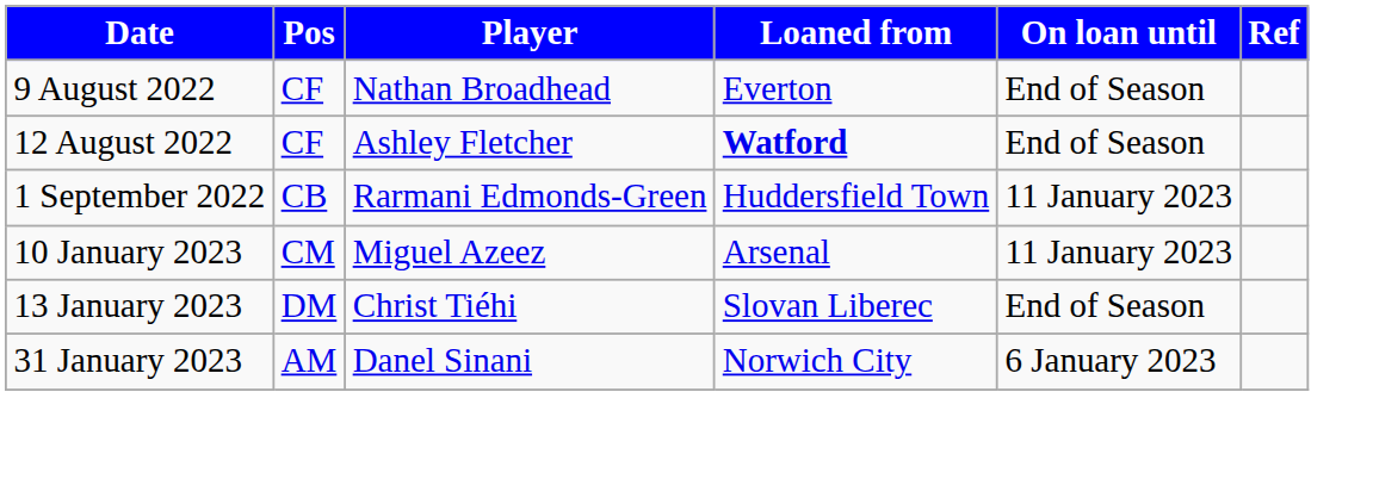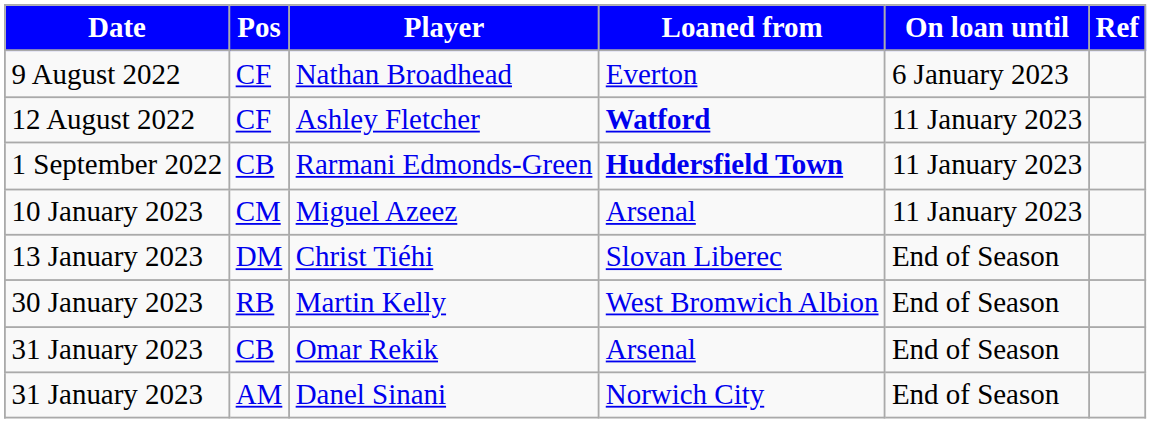 <table class="wikitable plainrowheaders sortable">
 <tr>
 <th style="background:#0000FF; color:#FFFFFF; ">Date</th>
 <th style="background:#0000FF; color:#FFFFFF; ">Pos</th>
 <th style="background:#0000FF; color:#FFFFFF; ">Player</th>
 <th style="background:#0000FF; color:#FFFFFF; ">Loaned from</th>
 <th style="background:#0000FF; color:#FFFFFF; ">On loan until</th>
 <th style="background:#0000FF; color:#FFFFFF; ">Ref</th>
 </tr>
 <tr>
 <td>9 August 2022</td>
 <td><a href='#'>CF</a></td>
 <td> <a href='#'>Nathan Broadhead</a></td>
 <td> <a href='#'>Everton</a></td>
-<td>End of Season</td>
+<td>6 January 2023</td>
 <td></td>
 </tr>
 <tr>
 <td>12 August 2022</td>
 <td><a href='#'>CF</a></td>
 <td> <a href='#'>Ashley Fletcher</a></td>
 <td><strong> <a href='#'>Watford</a></strong></td>
-<td>End of Season</td>
+<td>11 January 2023</td>
 <td></td>
 </tr>
 <tr>
 <td>1 September 2022</td>
 <td><a href='#'>CB</a></td>
 <td> <a href='#'>Rarmani Edmonds-Green</a></td>
-<td> <a href='#'>Huddersfield Town</a></td>
+<td><strong> <a href='#'>Huddersfield Town</a></strong></td>
 <td>11 January 2023</td>
 <td></td>
 </tr>
 <tr>
 <td>10 January 2023</td>
 <td><a href='#'>CM</a></td>
 <td> <a href='#'>Miguel Azeez</a></td>
 <td> <a href='#'>Arsenal</a></td>
 <td>11 January 2023</td>
 <td></td>
 </tr>
 <tr>
 <td>13 January 2023</td>
 <td><a href='#'>DM</a></td>
 <td> <a href='#'>Christ Tiéhi</a></td>
 <td> <a href='#'>Slovan Liberec</a></td>
 <td>End of Season</td>
 <td></td>
 </tr>
 <tr>
+<td>30 January 2023</td>
+<td><a href='#'>RB</a></td>
+<td> <a href='#'>Martin Kelly</a></td>
+<td> <a href='#'>West Bromwich Albion</a></td>
+<td>End of Season</td>
+<td></td>
+</tr>
+<tr>
+<td>31 January 2023</td>
+<td><a href='#'>CB</a></td>
+<td> <a href='#'>Omar Rekik</a></td>
+<td> <a href='#'>Arsenal</a></td>
+<td>End of Season</td>
+<td></td>
+</tr>
+<tr>
 <td>31 January 2023</td>
 <td><a href='#'>AM</a></td>
 <td> <a href='#'>Danel Sinani</a></td>
 <td> <a href='#'>Norwich City</a></td>
-<td>6 January 2023</td>
+<td>End of Season</td>
 <td></td>
 </tr>
 </table>
